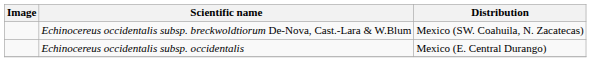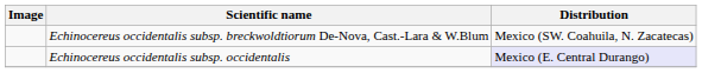 <table class="wikitable">
 <tr>
 <th>Image</th>
 <th>Scientific name</th>
 <th>Distribution</th>
 </tr>
 <tr>
 <td></td>
 <td><em>Echinocereus occidentalis subsp. breckwoldtiorum</em> De-Nova, Cast.-Lara & W.Blum</td>
 <td>Mexico (SW. Coahuila, N. Zacatecas)</td>
 </tr>
 <tr>
 <td></td>
 <td><em>Echinocereus occidentalis subsp. occidentalis</em></td>
-<td>Mexico (E. Central Durango)</td>
+<td style="background: lavender;">Mexico (E. Central Durango)</td>
 </tr>
 <tr>
 </tr>
 </table>
